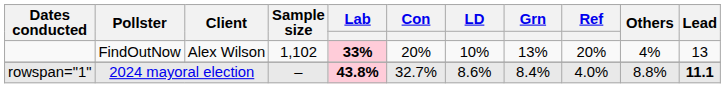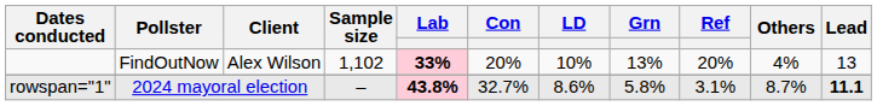 <table class="wikitable sortable mw-datatable" style="text-align:center; font-size:90%; line-height:14px;">
 <tr>
 <th rowspan="2">Dates <br>conducted</th>
 <th rowspan="2">Pollster</th>
 <th rowspan="2">Client</th>
 <th data-sort-type="number" rowspan="2">Sample <br>size</th>
 <th class="unsortable" style="width:50px;"><a href='#'>Lab</a></th>
 <th class="unsortable" style="width:50px;"><a href='#'>Con</a></th>
 <th class="unsortable" style="width:50px;"><a href='#'>LD</a></th>
 <th class="unsortable" style="width:50px;"><a href='#'>Grn</a></th>
 <th class="unsortable" style="width:50px;"><a href='#'>Ref</a></th>
 <th rowspan="2" class="unsortable" style="width:50px;">Others</th>
 <th data-sort-type="number" rowspan="2">Lead</th>
 </tr>
 <tr>
 <th data-sort-type="number" style="background:"></th>
 <th data-sort-type="number" style="background:"></th>
 <th data-sort-type="number" style="background:"></th>
 <th data-sort-type="number" style="background:"></th>
 <th data-sort-type="number" style="background:"></th>
 </tr>
 <tr>
 <td></td>
 <td>FindOutNow</td>
 <td>Alex Wilson</td>
 <td>1,102</td>
 <td style="background:#FFCCD9;"><strong>33%</strong></td>
 <td>20%</td>
 <td>10%</td>
 <td>13%</td>
 <td>20%</td>
 <td>4%</td>
 <td style="background:">13</td>
 </tr>
 <tr>
 </tr>
 <tr style="background:#e9e9e9;">
 <td>rowspan="1" </td>
 <td colspan="2"><a href='#'>2024 mayoral election</a></td>
 <td>–</td>
 <td style="background:#ffccd9;"><strong>43.8%</strong></td>
 <td>32.7%</td>
 <td>8.6%</td>
-<td>8.4%</td>
-<td>4.0%</td>
-<td>8.8%</td>
+<td>5.8%</td>
+<td>3.1%</td>
+<td>8.7%</td>
 <td style="background:"><strong>11.1</strong></td>
 </tr>
 </table>
